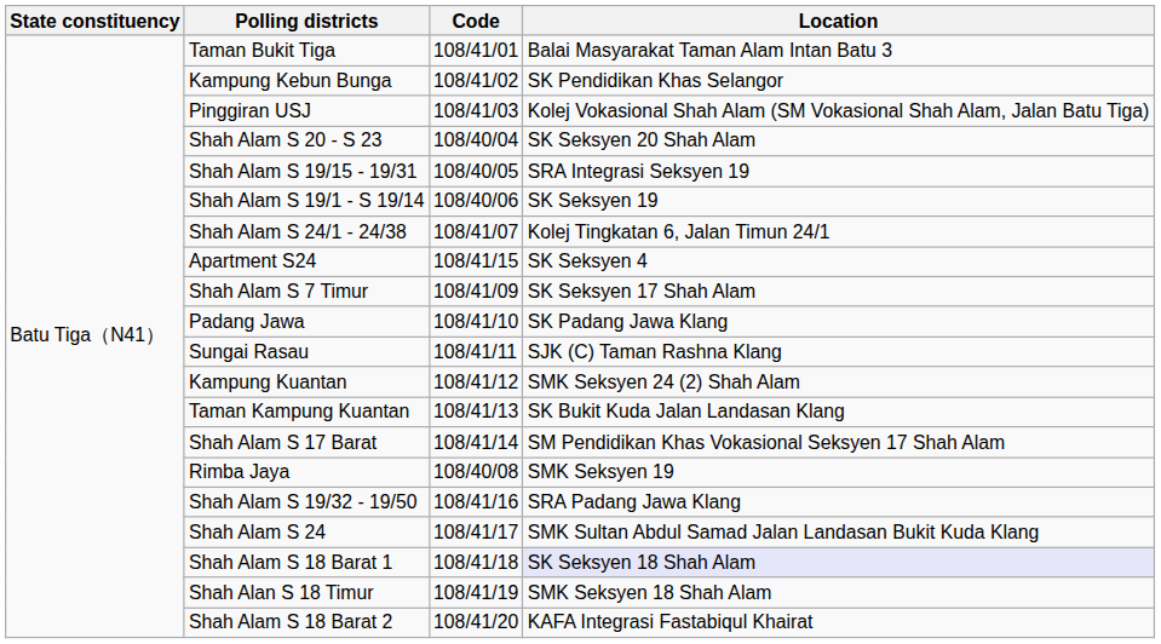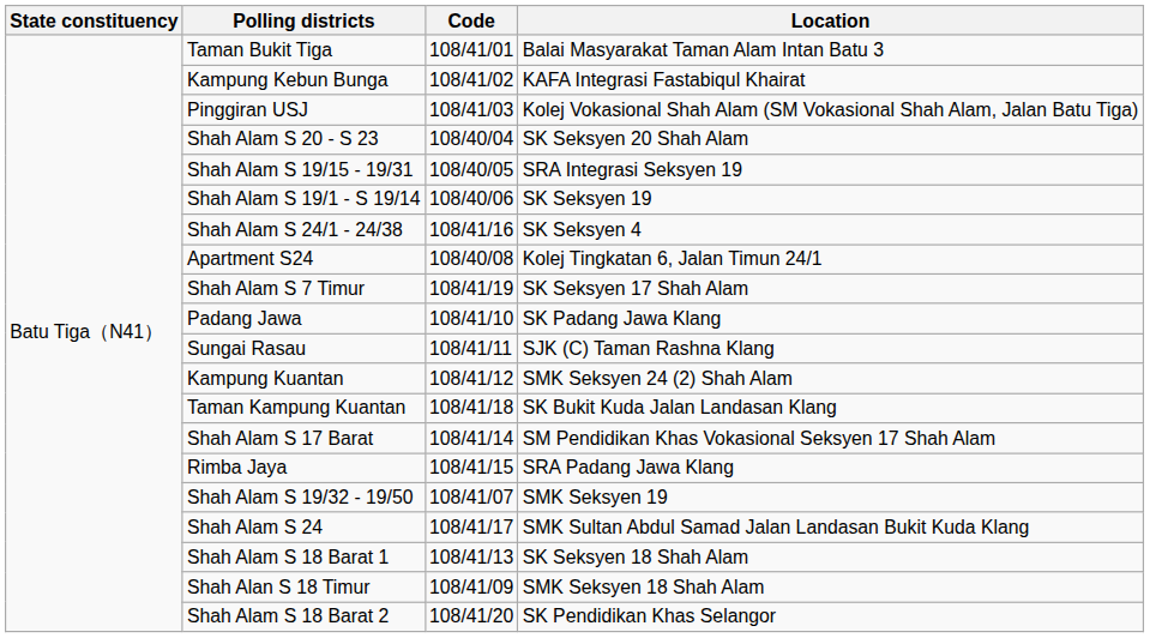 <table class="wikitable sortable mw-collapsible" style="white-space:nowrap;font-size:85%">
 <tr>
 <th>State constituency</th>
 <th>Polling districts</th>
 <th>Code</th>
 <th>Location</th>
 </tr>
 <tr>
 <td rowspan="20">Batu Tiga（N41）</td>
 <td>Taman Bukit Tiga</td>
 <td>108/41/01</td>
 <td>Balai Masyarakat Taman Alam Intan Batu 3</td>
 </tr>
 <tr>
 <td>Kampung Kebun Bunga</td>
 <td>108/41/02</td>
-<td>SK Pendidikan Khas Selangor</td>
+<td>KAFA Integrasi Fastabiqul Khairat</td>
 </tr>
 <tr>
 <td>Pinggiran USJ</td>
 <td>108/41/03</td>
 <td>Kolej Vokasional Shah Alam (SM Vokasional Shah Alam, Jalan Batu Tiga)</td>
 </tr>
 <tr>
 <td>Shah Alam S 20 - S 23</td>
 <td>108/40/04</td>
 <td>SK Seksyen 20 Shah Alam</td>
 </tr>
 <tr>
 <td>Shah Alam S 19/15 - 19/31</td>
 <td>108/40/05</td>
 <td>SRA Integrasi Seksyen 19</td>
 </tr>
 <tr>
 <td>Shah Alam S 19/1 - S 19/14</td>
 <td>108/40/06</td>
 <td>SK Seksyen 19</td>
 </tr>
 <tr>
 <td>Shah Alam S 24/1 - 24/38</td>
-<td>108/41/07</td>
+<td>108/41/16</td>
+<td>SK Seksyen 4</td>
+</tr>
+<tr>
+<td>Apartment S24</td>
+<td>108/40/08</td>
 <td>Kolej Tingkatan 6, Jalan Timun 24/1</td>
 </tr>
 <tr>
-<td>Apartment S24</td>
-<td>108/41/15</td>
-<td>SK Seksyen 4</td>
-</tr>
-<tr>
 <td>Shah Alam S 7 Timur</td>
-<td>108/41/09</td>
+<td>108/41/19</td>
 <td>SK Seksyen 17 Shah Alam</td>
 </tr>
 <tr>
 <td>Padang Jawa</td>
 <td>108/41/10</td>
 <td>SK Padang Jawa Klang</td>
 </tr>
 <tr>
 <td>Sungai Rasau</td>
 <td>108/41/11</td>
 <td>SJK (C) Taman Rashna Klang</td>
 </tr>
 <tr>
 <td>Kampung Kuantan</td>
 <td>108/41/12</td>
 <td>SMK Seksyen 24 (2) Shah Alam</td>
 </tr>
 <tr>
 <td>Taman Kampung Kuantan</td>
-<td>108/41/13</td>
+<td>108/41/18</td>
 <td>SK Bukit Kuda Jalan Landasan Klang</td>
 </tr>
 <tr>
 <td>Shah Alam S 17 Barat</td>
 <td>108/41/14</td>
 <td>SM Pendidikan Khas Vokasional Seksyen 17 Shah Alam</td>
 </tr>
 <tr>
 <td>Rimba Jaya</td>
-<td>108/40/08</td>
-<td>SMK Seksyen 19</td>
+<td>108/41/15</td>
+<td>SRA Padang Jawa Klang</td>
 </tr>
 <tr>
 <td>Shah Alam S 19/32 - 19/50</td>
-<td>108/41/16</td>
-<td>SRA Padang Jawa Klang</td>
+<td>108/41/07</td>
+<td>SMK Seksyen 19</td>
 </tr>
 <tr>
 <td>Shah Alam S 24</td>
 <td>108/41/17</td>
 <td>SMK Sultan Abdul Samad Jalan Landasan Bukit Kuda Klang</td>
 </tr>
 <tr>
 <td>Shah Alam S 18 Barat 1</td>
-<td>108/41/18</td>
-<td style="background: lavender;">SK Seksyen 18 Shah Alam</td>
+<td>108/41/13</td>
+<td>SK Seksyen 18 Shah Alam</td>
 </tr>
 <tr>
 <td>Shah Alan S 18 Timur</td>
-<td>108/41/19</td>
+<td>108/41/09</td>
 <td>SMK Seksyen 18 Shah Alam</td>
 </tr>
 <tr>
 <td>Shah Alam S 18 Barat 2</td>
 <td>108/41/20</td>
-<td>KAFA Integrasi Fastabiqul Khairat</td>
+<td>SK Pendidikan Khas Selangor</td>
 </tr>
 </table>
